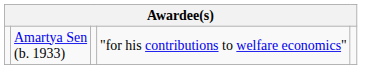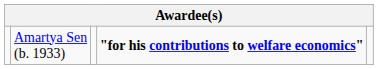 <table class="wikitable">
 <tr>
 <th colspan="5">Awardee(s)</th>
 </tr>
 <tr>
 <td></td>
 <td><a href='#'>Amartya Sen</a><br>(b. 1933)</td>
 <td></td>
-<td>"for his <a href='#'>contributions</a> to <a href='#'>welfare economics</a>"</td>
+<td><strong>"for his <a href='#'>contributions</a> to <a href='#'>welfare economics</a>"</strong></td>
 <td></td>
 </tr>
 </table>
